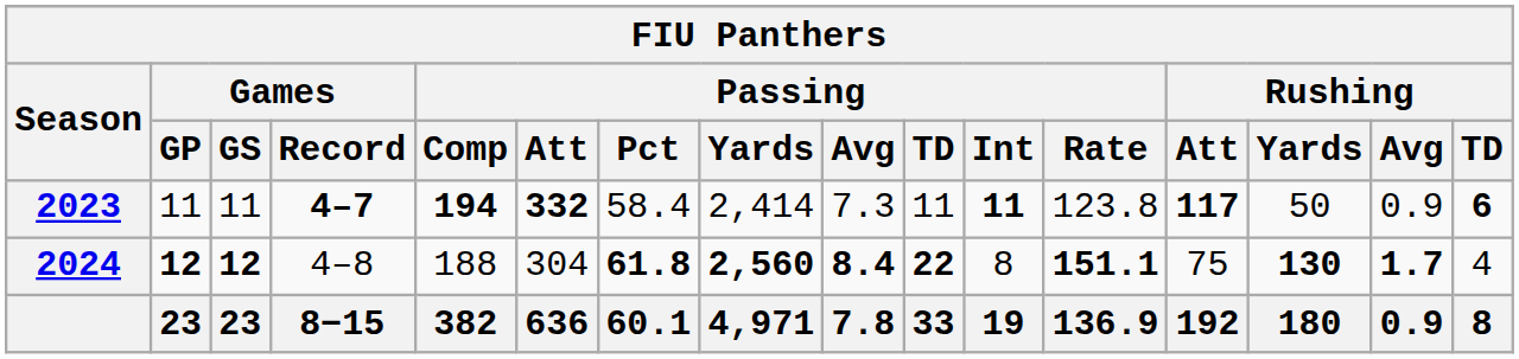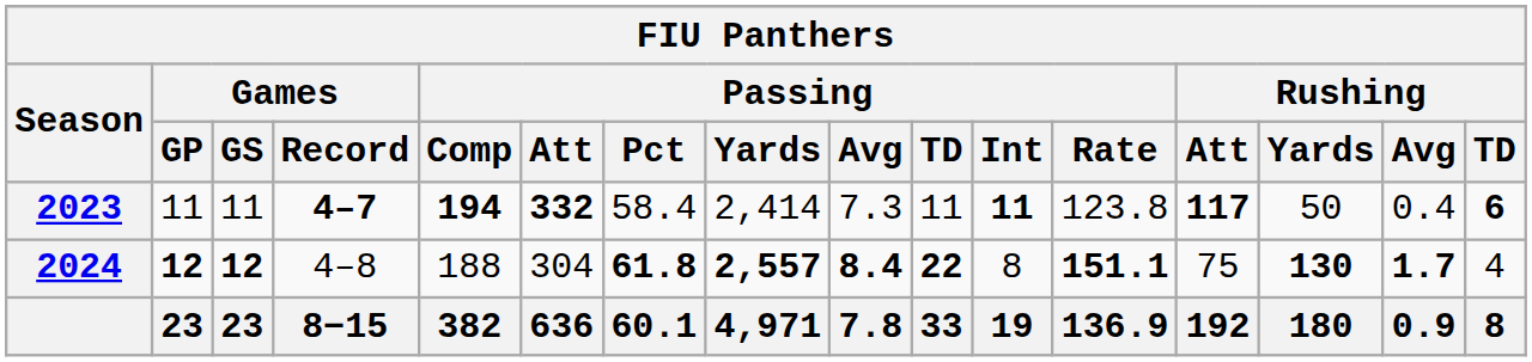 <table class="wikitable" style="text-align:center;">
 <tr College statistics>
 </tr>
 <tr>
 <th colspan="16">FIU Panthers</th>
 </tr>
 <tr>
 <th rowspan="2">Season</th>
 <th colspan="3">Games</th>
 <th colspan="8">Passing</th>
 <th colspan="5">Rushing</th>
 </tr>
 <tr>
 <th>GP</th>
 <th>GS</th>
 <th>Record</th>
 <th>Comp</th>
 <th>Att</th>
 <th>Pct</th>
 <th>Yards</th>
 <th>Avg</th>
 <th>TD</th>
 <th>Int</th>
 <th>Rate</th>
 <th>Att</th>
 <th>Yards</th>
 <th>Avg</th>
 <th>TD</th>
 </tr>
 <tr>
 <th><a href='#'>2023</a></th>
 <td>11</td>
 <td>11</td>
 <td><strong>4–7</strong></td>
 <td><strong>194</strong></td>
 <td><strong>332</strong></td>
 <td>58.4</td>
 <td>2,414</td>
 <td>7.3</td>
 <td>11</td>
 <td><strong>11</strong></td>
 <td>123.8</td>
 <td><strong>117</strong></td>
 <td>50</td>
-<td>0.9</td>
+<td>0.4</td>
 <td><strong>6</strong></td>
 </tr>
 <tr>
 <th><a href='#'>2024</a></th>
 <td><strong>12</strong></td>
 <td><strong>12</strong></td>
 <td>4–8</td>
 <td>188</td>
 <td>304</td>
 <td><strong>61.8</strong></td>
-<td><strong>2,560</strong></td>
+<td><strong>2,557</strong></td>
 <td><strong>8.4</strong></td>
 <td><strong>22</strong></td>
 <td>8</td>
 <td><strong>151.1</strong></td>
 <td>75</td>
 <td><strong>130</strong></td>
 <td><strong>1.7</strong></td>
 <td>4</td>
 </tr>
 <tr>
 <th></th>
 <th>23</th>
 <th>23</th>
 <th>8−15</th>
 <th>382</th>
 <th>636</th>
 <th>60.1</th>
 <th>4,971</th>
 <th>7.8</th>
 <th>33</th>
 <th>19</th>
 <th>136.9</th>
 <th>192</th>
 <th>180</th>
 <th>0.9</th>
 <th>8</th>
 </tr>
 </table>
